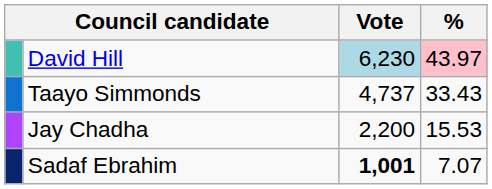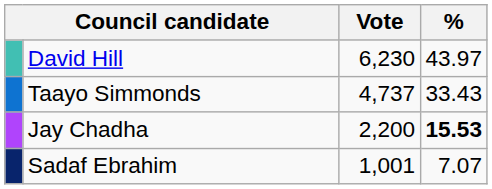 <table class="wikitable">
 <tr>
 <th bgcolor="#DDDDFF" width="230px" colspan="2">Council candidate</th>
 <th bgcolor="#DDDDFF" width="50px">Vote</th>
 <th bgcolor="#DDDDFF" width="30px">%</th>
 </tr>
 <tr>
 <td style="background-color:#41BFB3;"></td>
 <td style="text-align:left;"><a href='#'>David Hill</a></td>
-<td style="background: lightblue; text-align:right;">6,230</td>
-<td style="background: pink; text-align:right;">43.97</td>
+<td style="text-align:right;">6,230</td>
+<td style="text-align:right;">43.97</td>
 </tr>
 <tr>
 <td style="background-color:#0E73D1;"></td>
 <td style="text-align:left;">Taayo Simmonds</td>
 <td style="text-align:right;">4,737</td>
 <td style="text-align:right;">33.43</td>
 </tr>
 <tr>
 <td style="background-color:#b044fc;"></td>
 <td style="text-align:left;">Jay Chadha</td>
 <td style="text-align:right;">2,200</td>
-<td style="text-align:right;">15.53</td>
+<td style="text-align:right;"><strong>15.53</strong></td>
 </tr>
 <tr>
 <td style="background-color:#08246c;"></td>
 <td style="text-align:left;">Sadaf Ebrahim</td>
-<td style="text-align:right;"><strong>1,001</strong></td>
+<td style="text-align:right;">1,001</td>
 <td style="text-align:right;">7.07</td>
 </tr>
 </table>
